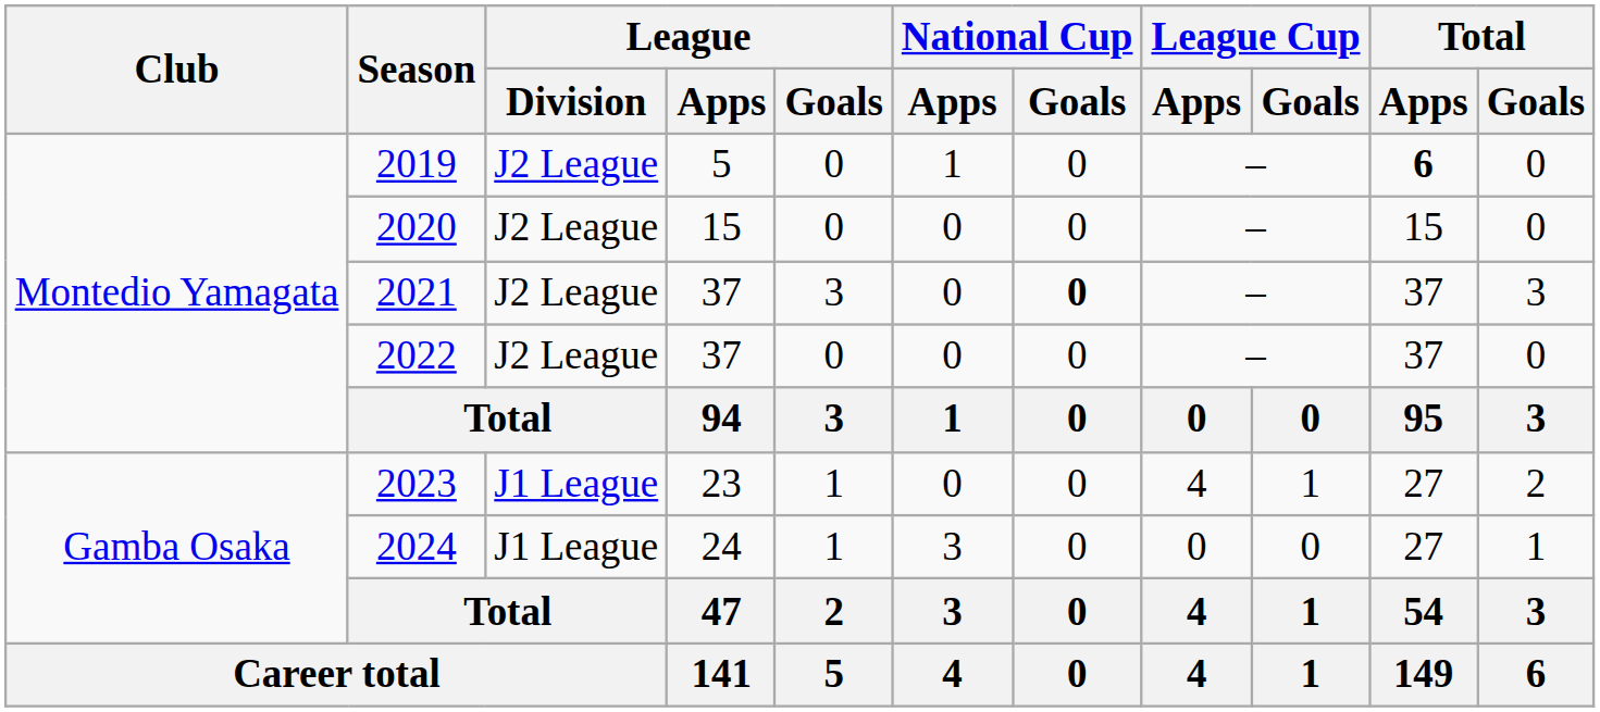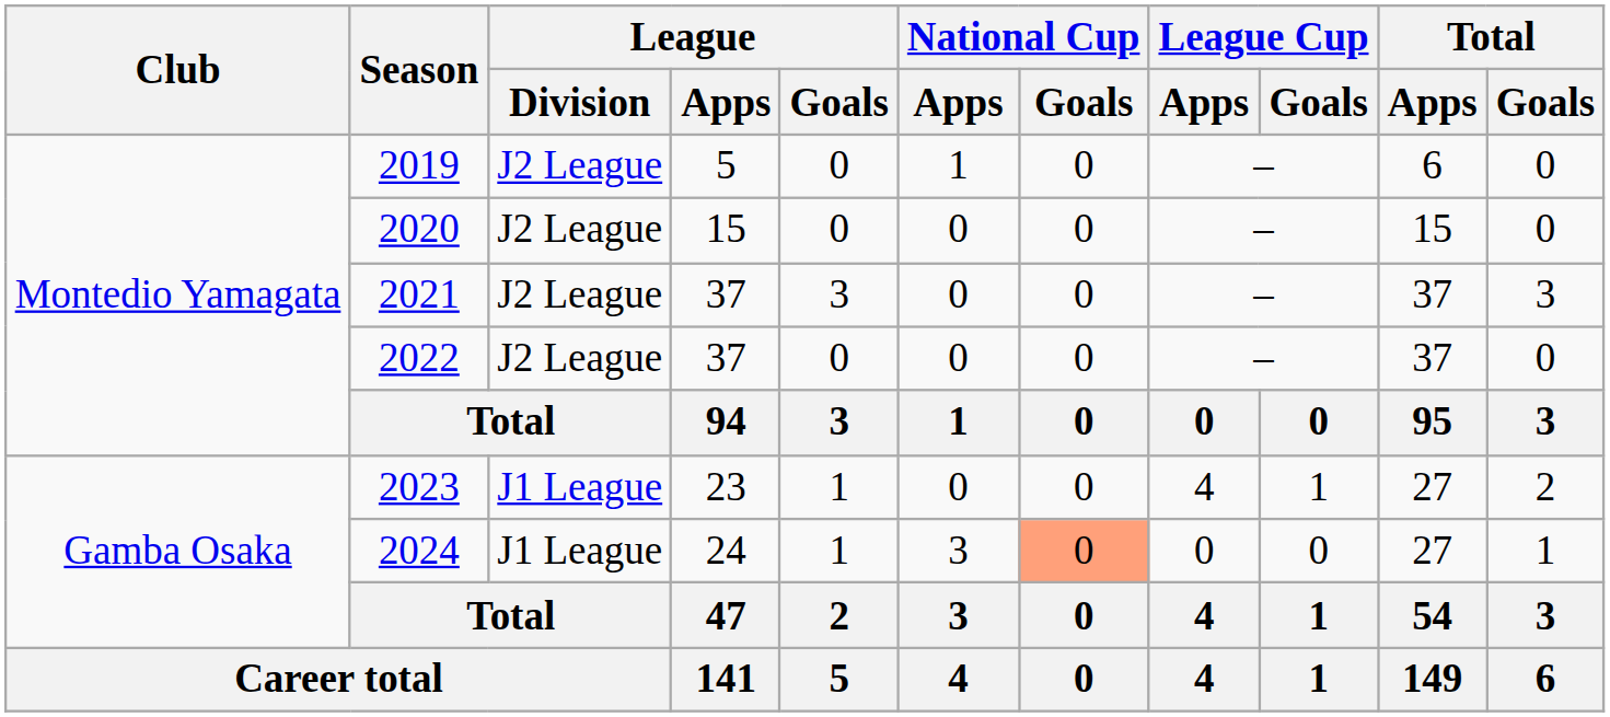 <table class="wikitable" style="text-align: center">
 <tr>
 <th rowspan="2">Club</th>
 <th rowspan="2">Season</th>
 <th colspan="3">League</th>
 <th colspan="2"><a href='#'>National Cup</a></th>
 <th colspan="2"><a href='#'>League Cup</a></th>
 <th colspan="2">Total</th>
 </tr>
 <tr>
 <th>Division</th>
 <th>Apps</th>
 <th>Goals</th>
 <th>Apps</th>
 <th>Goals</th>
 <th>Apps</th>
 <th>Goals</th>
 <th>Apps</th>
 <th>Goals</th>
 </tr>
 <tr>
 <td rowspan=5><a href='#'>Montedio Yamagata</a></td>
 <td><a href='#'>2019</a></td>
 <td><a href='#'>J2 League</a></td>
 <td>5</td>
 <td>0</td>
 <td>1</td>
 <td>0</td>
 <td colspan="2">–</td>
-<td><strong>6</strong></td>
+<td>6</td>
 <td>0</td>
 </tr>
 <tr>
 <td><a href='#'>2020</a></td>
 <td>J2 League</td>
 <td>15</td>
 <td>0</td>
 <td>0</td>
 <td>0</td>
 <td colspan="2">–</td>
 <td>15</td>
 <td>0</td>
 </tr>
 <tr>
 <td><a href='#'>2021</a></td>
 <td>J2 League</td>
 <td>37</td>
 <td>3</td>
 <td>0</td>
-<td><strong>0</strong></td>
+<td>0</td>
 <td colspan="2">–</td>
 <td>37</td>
 <td>3</td>
 </tr>
 <tr>
 <td><a href='#'>2022</a></td>
 <td>J2 League</td>
 <td>37</td>
 <td>0</td>
 <td>0</td>
 <td>0</td>
 <td colspan="2">–</td>
 <td>37</td>
 <td>0</td>
 </tr>
 <tr>
 <th colspan="2">Total</th>
 <th>94</th>
 <th>3</th>
 <th>1</th>
 <th>0</th>
 <th>0</th>
 <th>0</th>
 <th>95</th>
 <th>3</th>
 </tr>
 <tr>
 <td rowspan="3'"><a href='#'>Gamba Osaka</a></td>
 <td><a href='#'>2023</a></td>
 <td><a href='#'>J1 League</a></td>
 <td>23</td>
 <td>1</td>
 <td>0</td>
 <td>0</td>
 <td>4</td>
 <td>1</td>
 <td>27</td>
 <td>2</td>
 </tr>
 <tr>
 <td><a href='#'>2024</a></td>
 <td>J1 League</td>
 <td>24</td>
 <td>1</td>
 <td>3</td>
-<td>0</td>
+<td style="background: lightsalmon;">0</td>
 <td>0</td>
 <td>0</td>
 <td>27</td>
 <td>1</td>
 </tr>
 <tr>
 <th colspan="2">Total</th>
 <th>47</th>
 <th>2</th>
 <th>3</th>
 <th>0</th>
 <th>4</th>
 <th>1</th>
 <th>54</th>
 <th>3</th>
 </tr>
 <tr>
 <th colspan=3>Career total</th>
 <th>141</th>
 <th>5</th>
 <th>4</th>
 <th>0</th>
 <th>4</th>
 <th>1</th>
 <th>149</th>
 <th>6</th>
 </tr>
 </table>
